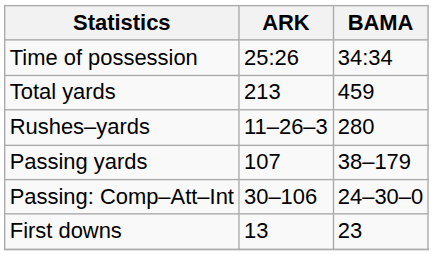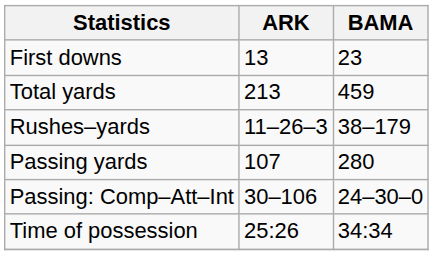 <table class="wikitable" style="float: left;">
 <tr>
 <th>Statistics</th>
 <th>ARK</th>
 <th>BAMA</th>
 </tr>
 <tr>
-<td>Time of possession</td>
-<td>25:26</td>
-<td>34:34</td>
+<td>First downs</td>
+<td>13</td>
+<td>23</td>
 </tr>
 <tr>
 <td>Total yards</td>
 <td>213</td>
 <td>459</td>
 </tr>
 <tr>
 <td>Rushes–yards</td>
 <td>11–26–3</td>
-<td>280</td>
+<td>38–179</td>
 </tr>
 <tr>
 <td>Passing yards</td>
 <td>107</td>
-<td>38–179</td>
+<td>280</td>
 </tr>
 <tr>
 <td>Passing: Comp–Att–Int</td>
 <td>30–106</td>
 <td>24–30–0</td>
 </tr>
 <tr>
-<td>First downs</td>
-<td>13</td>
-<td>23</td>
+<td>Time of possession</td>
+<td>25:26</td>
+<td>34:34</td>
 </tr>
 <tr>
 </tr>
 </table>
